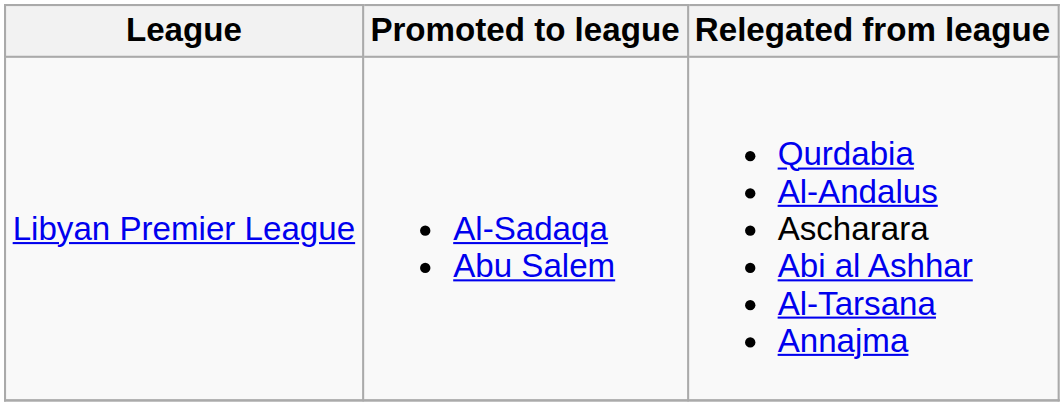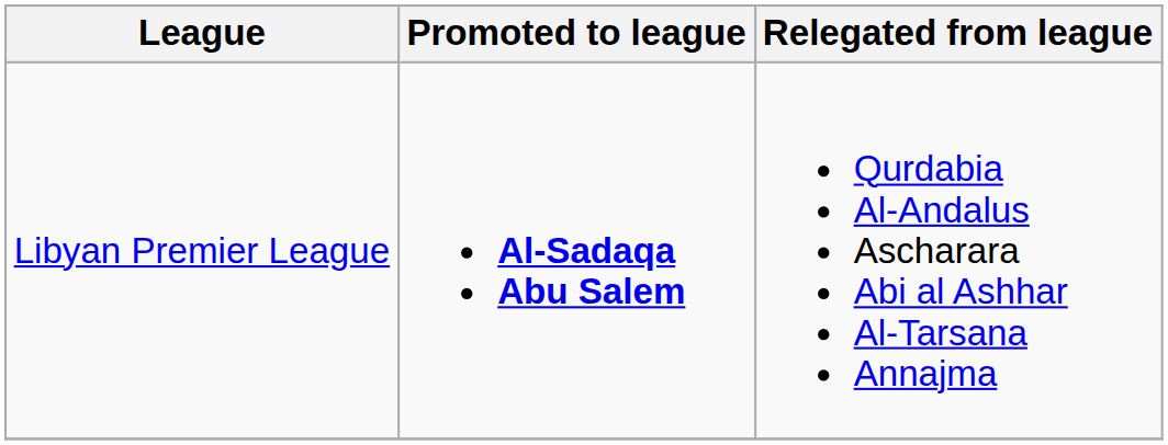 <table class="wikitable">
 <tr>
 <th>League</th>
 <th>Promoted to league</th>
 <th>Relegated from league</th>
 </tr>
 <tr>
 <td><a href='#'>Libyan Premier League</a></td>
-<td><br><ul><li><a href='#'>Al-Sadaqa</a></li><li><a href='#'>Abu Salem</a></li></ul></td>
+<td><strong><br><ul><li><a href='#'>Al-Sadaqa</a></li><li><a href='#'>Abu Salem</a></li></ul></strong></td>
 <td><br><ul><li><a href='#'>Qurdabia</a></li><li><a href='#'>Al-Andalus</a></li><li>Ascharara</li><li><a href='#'>Abi al Ashhar</a></li><li><a href='#'>Al-Tarsana</a></li><li><a href='#'>Annajma</a></li></ul></td>
 </tr>
 <tr>
 </tr>
 </table>
